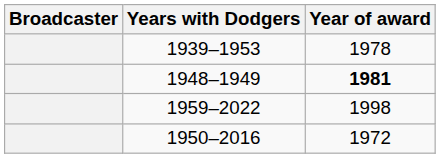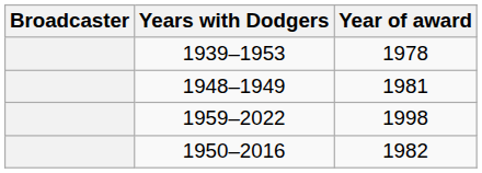 <table class="wikitable" style="text-align:center; width=60%">
 <tr>
 <th scope="col">Broadcaster</th>
 <th scope="col">Years with Dodgers</th>
 <th scope="col">Year of award</th>
 </tr>
 <tr>
 <th scope="row"></th>
 <td>1939–1953</td>
 <td>1978</td>
 </tr>
 <tr>
 <th scope="row"></th>
 <td>1948–1949</td>
-<td><strong>1981</strong></td>
+<td>1981</td>
 </tr>
 <tr>
 <th scope="row"></th>
 <td>1959–2022</td>
 <td>1998</td>
 </tr>
 <tr>
 <th scope="row"></th>
 <td>1950–2016</td>
-<td>1972</td>
+<td>1982</td>
 </tr>
 </table>
